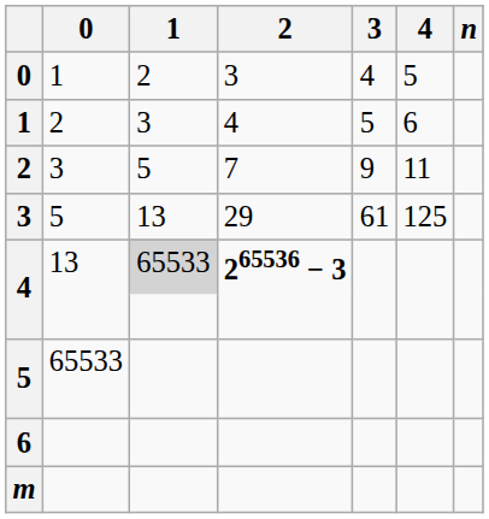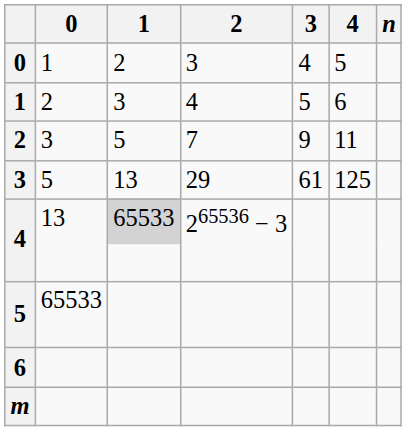 <table class="wikitable">
 <tr>
 <th></th>
 <th>0</th>
 <th>1</th>
 <th>2</th>
 <th>3</th>
 <th>4</th>
 <th><em>n</em></th>
 </tr>
 <tr>
 <th>0</th>
 <td>1</td>
 <td>2</td>
 <td>3</td>
 <td>4</td>
 <td>5</td>
 <td></td>
 </tr>
 <tr>
 <th>1</th>
 <td>2</td>
 <td>3</td>
 <td>4</td>
 <td>5</td>
 <td>6</td>
 <td></td>
 </tr>
 <tr>
 <th>2</th>
 <td>3</td>
 <td>5</td>
 <td>7</td>
 <td>9</td>
 <td>11</td>
 <td></td>
 </tr>
 <tr>
 <th>3</th>
 <td>5</td>
 <td>13</td>
 <td>29</td>
 <td>61</td>
 <td>125</td>
 <td></td>
 </tr>
 <tr style="vertical-align:top">
 <th rowspan="3" style="vertical-align:middle">4</th>
 <td rowspan="1" style="border-bottom:0">13</td>
 <td rowspan="1" style="background: lightgrey; border-bottom:0">65533</td>
-<td rowspan="1" style="border-bottom:0"><strong>2<sup>65536</sup> − 3</strong></td>
+<td rowspan="1" style="border-bottom:0">2<sup>65536</sup> − 3</td>
 <td rowspan="1" style="border-bottom:0"></td>
 <td rowspan="1" style="border-bottom:0"></td>
 <td rowspan="2" style="border-bottom:0"></td>
 </tr>
 <tr style="vertical-align:bottom">
 <td rowspan="2" style="border-top:0"><br></td>
 <td rowspan="2" style="border-top:0"><br></td>
 <td rowspan="2" style="border-top:0"><br></td>
 <td rowspan="2" style="border-top:0"><br></td>
 <td rowspan="2" style="border-top:0"><br></td>
 </tr>
 <tr>
 <td rowspan="1" style="border-top:0"></td>
 </tr>
 <tr style="vertical-align:bottom">
 <th style="vertical-align:middle">5</th>
 <td>65533 <br><br></td>
 <td></td>
 <td></td>
 <td></td>
 <td></td>
 <td></td>
 </tr>
 <tr>
 <th>6</th>
 <td></td>
 <td></td>
 <td></td>
 <td></td>
 <td></td>
 <td></td>
 </tr>
 <tr>
 <th><em>m</em></th>
 <td></td>
 <td></td>
 <td></td>
 <td></td>
 <td></td>
 <td></td>
 </tr>
 </table>
